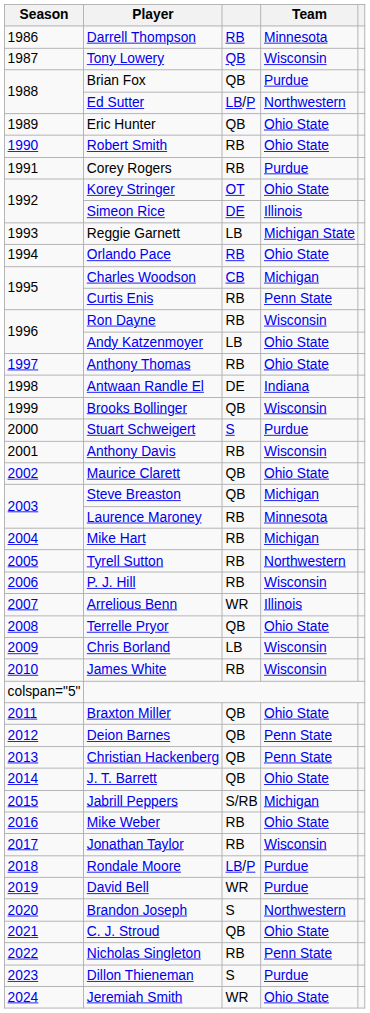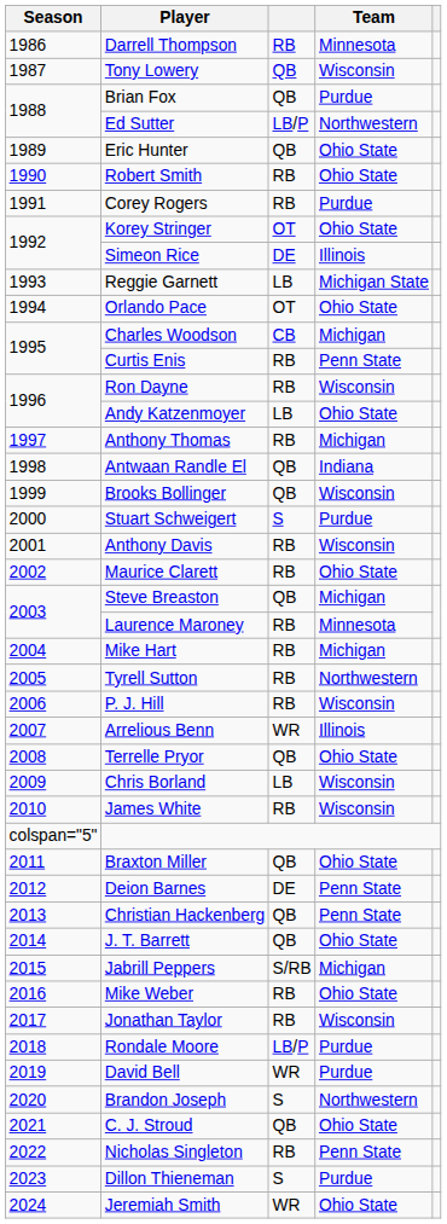 <table class="wikitable sortable">
 <tr>
 <th>Season</th>
 <th>Player</th>
 <th></th>
 <th>Team</th>
 <th></th>
 </tr>
 <tr>
 <td>1986</td>
 <td><a href='#'>Darrell Thompson</a></td>
 <td><a href='#'>RB</a></td>
 <td><a href='#'>Minnesota</a></td>
 <td></td>
 </tr>
 <tr>
 <td>1987</td>
 <td><a href='#'>Tony Lowery</a></td>
 <td><a href='#'>QB</a></td>
 <td><a href='#'>Wisconsin</a></td>
 <td></td>
 </tr>
 <tr>
 <td rowspan="2">1988</td>
 <td>Brian Fox</td>
 <td>QB</td>
 <td><a href='#'>Purdue</a></td>
 <td></td>
 </tr>
 <tr>
 <td><a href='#'>Ed Sutter</a></td>
 <td><a href='#'>LB</a>/<a href='#'>P</a></td>
 <td><a href='#'>Northwestern</a></td>
 <td></td>
 </tr>
 <tr>
 <td>1989</td>
 <td>Eric Hunter</td>
 <td>QB</td>
 <td><a href='#'>Ohio State</a></td>
 <td></td>
 </tr>
 <tr>
 <td><a href='#'>1990</a></td>
 <td><a href='#'>Robert Smith</a></td>
 <td>RB</td>
 <td><a href='#'>Ohio State</a></td>
 <td></td>
 </tr>
 <tr>
 <td>1991</td>
 <td>Corey Rogers</td>
 <td>RB</td>
 <td><a href='#'>Purdue</a></td>
 <td></td>
 </tr>
 <tr>
 <td rowspan="2">1992</td>
 <td><a href='#'>Korey Stringer</a></td>
 <td><a href='#'>OT</a></td>
 <td><a href='#'>Ohio State</a></td>
 <td></td>
 </tr>
 <tr>
 <td><a href='#'>Simeon Rice</a></td>
 <td><a href='#'>DE</a></td>
 <td><a href='#'>Illinois</a></td>
 <td></td>
 </tr>
 <tr>
 <td>1993</td>
 <td>Reggie Garnett</td>
 <td>LB</td>
 <td><a href='#'>Michigan State</a></td>
 <td></td>
 </tr>
 <tr>
 <td>1994</td>
 <td><a href='#'>Orlando Pace</a></td>
-<td><a href='#'>RB</a></td>
+<td>OT</td>
 <td><a href='#'>Ohio State</a></td>
 <td></td>
 </tr>
 <tr>
 <td rowspan="2">1995</td>
 <td><a href='#'>Charles Woodson</a></td>
 <td><a href='#'>CB</a></td>
 <td><a href='#'>Michigan</a></td>
 <td></td>
 </tr>
 <tr>
 <td><a href='#'>Curtis Enis</a></td>
 <td>RB</td>
 <td><a href='#'>Penn State</a></td>
 <td></td>
 </tr>
 <tr>
 <td rowspan="2">1996</td>
 <td><a href='#'>Ron Dayne</a></td>
 <td>RB</td>
 <td><a href='#'>Wisconsin</a></td>
 <td></td>
 </tr>
 <tr>
 <td><a href='#'>Andy Katzenmoyer</a></td>
 <td>LB</td>
 <td><a href='#'>Ohio State</a></td>
 <td></td>
 </tr>
 <tr>
 <td><a href='#'>1997</a></td>
 <td><a href='#'>Anthony Thomas</a></td>
 <td>RB</td>
-<td><a href='#'>Ohio State</a></td>
+<td><a href='#'>Michigan</a></td>
 <td></td>
 </tr>
 <tr>
 <td>1998</td>
 <td><a href='#'>Antwaan Randle El</a></td>
-<td>DE</td>
+<td>QB</td>
 <td><a href='#'>Indiana</a></td>
 <td></td>
 </tr>
 <tr>
 <td>1999</td>
 <td><a href='#'>Brooks Bollinger</a></td>
 <td>QB</td>
 <td><a href='#'>Wisconsin</a></td>
 <td></td>
 </tr>
 <tr>
 <td>2000</td>
 <td><a href='#'>Stuart Schweigert</a></td>
 <td><a href='#'>S</a></td>
 <td><a href='#'>Purdue</a></td>
 <td></td>
 </tr>
 <tr>
 <td>2001</td>
 <td><a href='#'>Anthony Davis</a></td>
 <td>RB</td>
 <td><a href='#'>Wisconsin</a></td>
 <td></td>
 </tr>
 <tr>
 <td><a href='#'>2002</a></td>
 <td><a href='#'>Maurice Clarett</a></td>
-<td>QB</td>
+<td>RB</td>
 <td><a href='#'>Ohio State</a></td>
 <td></td>
 </tr>
 <tr>
 <td rowspan="2"><a href='#'>2003</a></td>
 <td><a href='#'>Steve Breaston</a></td>
 <td>QB</td>
 <td><a href='#'>Michigan</a></td>
 <td rowspan="2"></td>
 </tr>
 <tr>
 <td><a href='#'>Laurence Maroney</a></td>
 <td>RB</td>
 <td><a href='#'>Minnesota</a></td>
 </tr>
 <tr>
 <td><a href='#'>2004</a></td>
 <td><a href='#'>Mike Hart</a></td>
 <td>RB</td>
 <td><a href='#'>Michigan</a></td>
 <td></td>
 </tr>
 <tr>
 <td><a href='#'>2005</a></td>
 <td><a href='#'>Tyrell Sutton</a></td>
 <td>RB</td>
 <td><a href='#'>Northwestern</a></td>
 <td></td>
 </tr>
 <tr>
 <td><a href='#'>2006</a></td>
 <td><a href='#'>P. J. Hill</a></td>
 <td>RB</td>
 <td><a href='#'>Wisconsin</a></td>
 <td></td>
 </tr>
 <tr>
 <td><a href='#'>2007</a></td>
 <td><a href='#'>Arrelious Benn</a></td>
 <td>WR</td>
 <td><a href='#'>Illinois</a></td>
 <td></td>
 </tr>
 <tr>
 <td><a href='#'>2008</a></td>
 <td><a href='#'>Terrelle Pryor</a></td>
 <td>QB</td>
 <td><a href='#'>Ohio State</a></td>
 <td></td>
 </tr>
 <tr>
 <td><a href='#'>2009</a></td>
 <td><a href='#'>Chris Borland</a></td>
 <td>LB</td>
 <td><a href='#'>Wisconsin</a></td>
 <td></td>
 </tr>
 <tr>
 <td><a href='#'>2010</a></td>
 <td><a href='#'>James White</a></td>
 <td>RB</td>
 <td><a href='#'>Wisconsin</a></td>
 <td></td>
 </tr>
 <tr>
 <td>colspan="5" </td>
 </tr>
 <tr>
 <td><a href='#'>2011</a></td>
 <td><a href='#'>Braxton Miller</a></td>
 <td>QB</td>
 <td><a href='#'>Ohio State</a></td>
 <td></td>
 </tr>
 <tr>
 <td><a href='#'>2012</a></td>
 <td><a href='#'>Deion Barnes</a></td>
-<td>QB</td>
+<td>DE</td>
 <td><a href='#'>Penn State</a></td>
 <td></td>
 </tr>
 <tr>
 <td><a href='#'>2013</a></td>
 <td><a href='#'>Christian Hackenberg</a></td>
 <td>QB</td>
 <td><a href='#'>Penn State</a></td>
 <td></td>
 </tr>
 <tr>
 <td><a href='#'>2014</a></td>
 <td><a href='#'>J. T. Barrett</a></td>
 <td>QB</td>
 <td><a href='#'>Ohio State</a></td>
 <td></td>
 </tr>
 <tr>
 <td><a href='#'>2015</a></td>
 <td><a href='#'>Jabrill Peppers</a></td>
 <td>S/RB</td>
 <td><a href='#'>Michigan</a></td>
 <td></td>
 </tr>
 <tr>
 <td><a href='#'>2016</a></td>
 <td><a href='#'>Mike Weber</a></td>
 <td>RB</td>
 <td><a href='#'>Ohio State</a></td>
 <td></td>
 </tr>
 <tr>
 <td><a href='#'>2017</a></td>
 <td><a href='#'>Jonathan Taylor</a></td>
 <td>RB</td>
 <td><a href='#'>Wisconsin</a></td>
 <td></td>
 </tr>
 <tr>
 <td><a href='#'>2018</a></td>
 <td><a href='#'>Rondale Moore</a></td>
 <td><a href='#'>LB</a>/<a href='#'>P</a></td>
 <td><a href='#'>Purdue</a></td>
 <td></td>
 </tr>
 <tr>
 <td><a href='#'>2019</a></td>
 <td><a href='#'>David Bell</a></td>
 <td>WR</td>
 <td><a href='#'>Purdue</a></td>
 <td></td>
 </tr>
 <tr>
 <td><a href='#'>2020</a></td>
 <td><a href='#'>Brandon Joseph</a></td>
 <td>S</td>
 <td><a href='#'>Northwestern</a></td>
 <td></td>
 </tr>
 <tr>
 <td><a href='#'>2021</a></td>
 <td><a href='#'>C. J. Stroud</a></td>
 <td>QB</td>
 <td><a href='#'>Ohio State</a></td>
 <td></td>
 </tr>
 <tr>
 <td><a href='#'>2022</a></td>
 <td><a href='#'>Nicholas Singleton</a></td>
 <td>RB</td>
 <td><a href='#'>Penn State</a></td>
 <td></td>
 </tr>
 <tr>
 <td><a href='#'>2023</a></td>
 <td><a href='#'>Dillon Thieneman</a></td>
 <td>S</td>
 <td><a href='#'>Purdue</a></td>
 <td></td>
 </tr>
 <tr>
 <td><a href='#'>2024</a></td>
 <td><a href='#'>Jeremiah Smith</a></td>
 <td>WR</td>
 <td><a href='#'>Ohio State</a></td>
 <td></td>
 </tr>
 </table>
